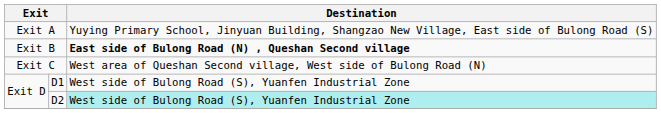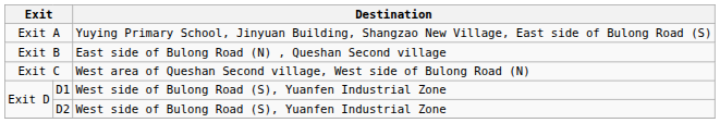 <table class="wikitable">
 <tr>
 <th style="width:70px" colspan="2">Exit</th>
 <th>Destination</th>
 </tr>
 <tr>
 <td align="center" colspan="2">Exit A</td>
 <td>Yuying Primary School, Jinyuan Building, Shangzao New Village, East side of Bulong Road (S)</td>
 </tr>
 <tr>
 <td align="center" colspan="2">Exit B</td>
-<td><strong>East side of Bulong Road (N) , Queshan Second village</strong></td>
+<td>East side of Bulong Road (N) , Queshan Second village</td>
 </tr>
 <tr>
 <td align="center" colspan="2">Exit C</td>
 <td>West area of Queshan Second village, West side of Bulong Road (N)</td>
 </tr>
 <tr>
 <td align="center" rowspan="2">Exit D</td>
 <td>D1</td>
 <td>West side of Bulong Road (S), Yuanfen Industrial Zone</td>
 </tr>
 <tr>
 <td>D2</td>
-<td style="background: paleturquoise;">West side of Bulong Road (S), Yuanfen Industrial Zone</td>
+<td>West side of Bulong Road (S), Yuanfen Industrial Zone</td>
 </tr>
 <tr>
 </tr>
 </table>
